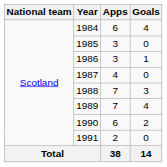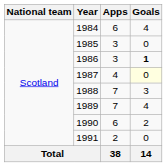 <table class="wikitable" style="text-align:center">
 <tr>
 <th>National team</th>
 <th>Year</th>
 <th>Apps</th>
 <th>Goals</th>
 </tr>
 <tr>
 <td rowspan="8"><a href='#'>Scotland</a></td>
 <td>1984</td>
 <td>6</td>
 <td>4</td>
 </tr>
 <tr>
 <td>1985</td>
 <td>3</td>
 <td>0</td>
 </tr>
 <tr>
 <td>1986</td>
 <td>3</td>
-<td>1</td>
+<td><strong>1</strong></td>
 </tr>
 <tr>
 <td>1987</td>
 <td>4</td>
-<td>0</td>
+<td style="background: lightyellow;">0</td>
 </tr>
 <tr>
 <td>1988</td>
 <td>7</td>
 <td>3</td>
 </tr>
 <tr>
 <td>1989</td>
 <td>7</td>
 <td>4</td>
 </tr>
 <tr>
 <td>1990</td>
 <td>6</td>
 <td>2</td>
 </tr>
 <tr>
 <td>1991</td>
 <td>2</td>
 <td>0</td>
 </tr>
 <tr>
 <th colspan="2">Total</th>
 <th>38</th>
 <th>14</th>
 </tr>
 </table>
